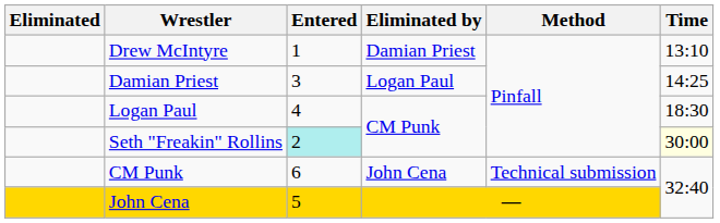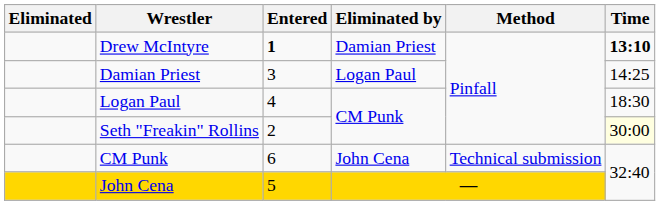 <table class="wikitable sortable">
 <tr>
 <th>Eliminated</th>
 <th>Wrestler</th>
 <th>Entered</th>
 <th>Eliminated by</th>
 <th>Method</th>
 <th>Time</th>
 </tr>
 <tr>
 <td></td>
 <td><a href='#'>Drew McIntyre</a></td>
-<td>1</td>
+<td><strong>1</strong></td>
 <td><a href='#'>Damian Priest</a></td>
 <td rowspan=4><a href='#'>Pinfall</a></td>
-<td>13:10</td>
+<td><strong>13:10</strong></td>
 </tr>
 <tr>
 <td></td>
 <td><a href='#'>Damian Priest</a></td>
 <td>3</td>
 <td><a href='#'>Logan Paul</a></td>
 <td>14:25</td>
 </tr>
 <tr>
 <td></td>
 <td><a href='#'>Logan Paul</a></td>
 <td>4</td>
 <td rowspan=2><a href='#'>CM Punk</a></td>
 <td>18:30</td>
 </tr>
 <tr>
 <td></td>
 <td><a href='#'>Seth "Freakin" Rollins</a></td>
-<td style="background: paleturquoise;">2</td>
+<td>2</td>
 <td style="background: lightyellow;">30:00</td>
 </tr>
 <tr>
 <td></td>
 <td><a href='#'>CM Punk</a></td>
 <td>6</td>
 <td><a href='#'>John Cena</a></td>
 <td><a href='#'>Technical submission</a></td>
 <td rowspan=2>32:40</td>
 </tr>
 <tr style="background: gold">
 <td></td>
 <td><a href='#'>John Cena</a></td>
 <td>5</td>
 <td colspan="2" align=center><strong>—</strong></td>
 </tr>
 </table>
